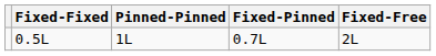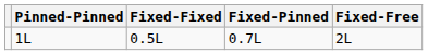 <table class="wikitable">
 <tr>
 <th></th>
+<th>Pinned-Pinned</th>
 <th>Fixed-Fixed</th>
-<th>Pinned-Pinned</th>
 <th>Fixed-Pinned</th>
 <th>Fixed-Free</th>
 </tr>
 <tr>
 <td></td>
+<td>1L</td>
 <td>0.5L</td>
-<td>1L</td>
 <td>0.7L</td>
 <td>2L</td>
 </tr>
 </table>
